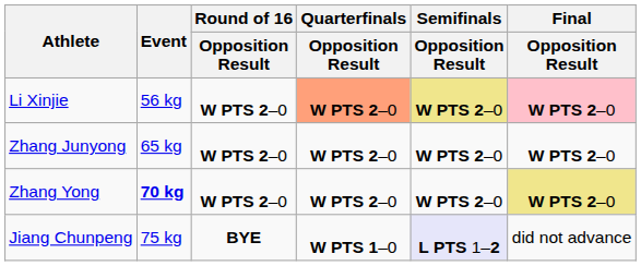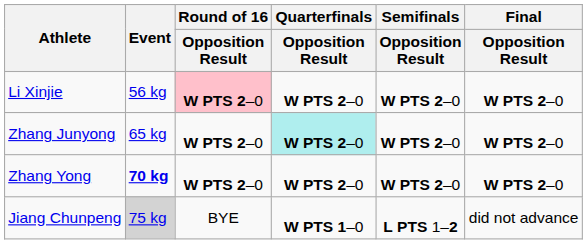 <table class="wikitable" style="font-size:90%;">
 <tr>
 <th rowspan=2>Athlete</th>
 <th rowspan=2>Event</th>
 <th>Round of 16</th>
 <th>Quarterfinals</th>
 <th>Semifinals</th>
 <th>Final</th>
 </tr>
 <tr>
 <th>Opposition<br>Result</th>
 <th>Opposition<br>Result</th>
 <th>Opposition<br>Result</th>
 <th>Opposition<br>Result</th>
 </tr>
 <tr>
 <td><a href='#'>Li Xinjie</a></td>
 <td><a href='#'>56 kg</a></td>
+<td align=center style="background: pink;"><br><strong>W</strong> <strong>PTS</strong> <strong>2</strong>–0</td>
 <td align=center><br><strong>W</strong> <strong>PTS</strong> <strong>2</strong>–0</td>
-<td align=center style="background: lightsalmon;"><br><strong>W</strong> <strong>PTS</strong> <strong>2</strong>–0</td>
-<td align=center style="background: khaki;"><br><strong>W</strong> <strong>PTS</strong> <strong>2</strong>–0</td>
-<td align=center style="background: pink;"><br><strong>W</strong> <strong>PTS</strong> <strong>2</strong>–0<br></td>
+<td align=center><br><strong>W</strong> <strong>PTS</strong> <strong>2</strong>–0</td>
+<td align=center><br><strong>W</strong> <strong>PTS</strong> <strong>2</strong>–0<br></td>
 </tr>
 <tr>
 <td><a href='#'>Zhang Junyong</a></td>
 <td><a href='#'>65 kg</a></td>
 <td align=center><br><strong>W</strong> <strong>PTS</strong> <strong>2</strong>–0</td>
-<td align=center><br><strong>W</strong> <strong>PTS</strong> <strong>2</strong>–0</td>
+<td align=center style="background: paleturquoise;"><br><strong>W</strong> <strong>PTS</strong> <strong>2</strong>–0</td>
 <td align=center><br><strong>W</strong> <strong>PTS</strong> <strong>2</strong>–0</td>
 <td align=center><br><strong>W</strong> <strong>PTS</strong> <strong>2</strong>–0<br></td>
 </tr>
 <tr>
 <td><a href='#'>Zhang Yong</a></td>
 <td><strong><a href='#'>70 kg</a></strong></td>
 <td align=center><br><strong>W</strong> <strong>PTS</strong> <strong>2</strong>–0</td>
 <td align=center><br><strong>W</strong> <strong>PTS</strong> <strong>2</strong>–0</td>
 <td align=center><br><strong>W</strong> <strong>PTS</strong> <strong>2</strong>–0</td>
-<td align=center style="background: khaki;"><br><strong>W</strong> <strong>PTS</strong> <strong>2</strong>–0<br></td>
+<td align=center><br><strong>W</strong> <strong>PTS</strong> <strong>2</strong>–0<br></td>
 </tr>
 <tr>
 <td><a href='#'>Jiang Chunpeng</a></td>
-<td><a href='#'>75 kg</a></td>
-<td align=center><strong>BYE</strong></td>
+<td style="background: lightgrey;"><a href='#'>75 kg</a></td>
+<td align=center>BYE</td>
 <td align=center><br><strong>W</strong> <strong>PTS</strong> <strong>1</strong>–0</td>
-<td align=center style="background: lavender;"><br><strong>L</strong> <strong>PTS</strong> 1–<strong>2</strong><br></td>
+<td align=center><br><strong>L</strong> <strong>PTS</strong> 1–<strong>2</strong><br></td>
 <td style="text-align:center;" colspan="7">did not advance</td>
 </tr>
 </table>
